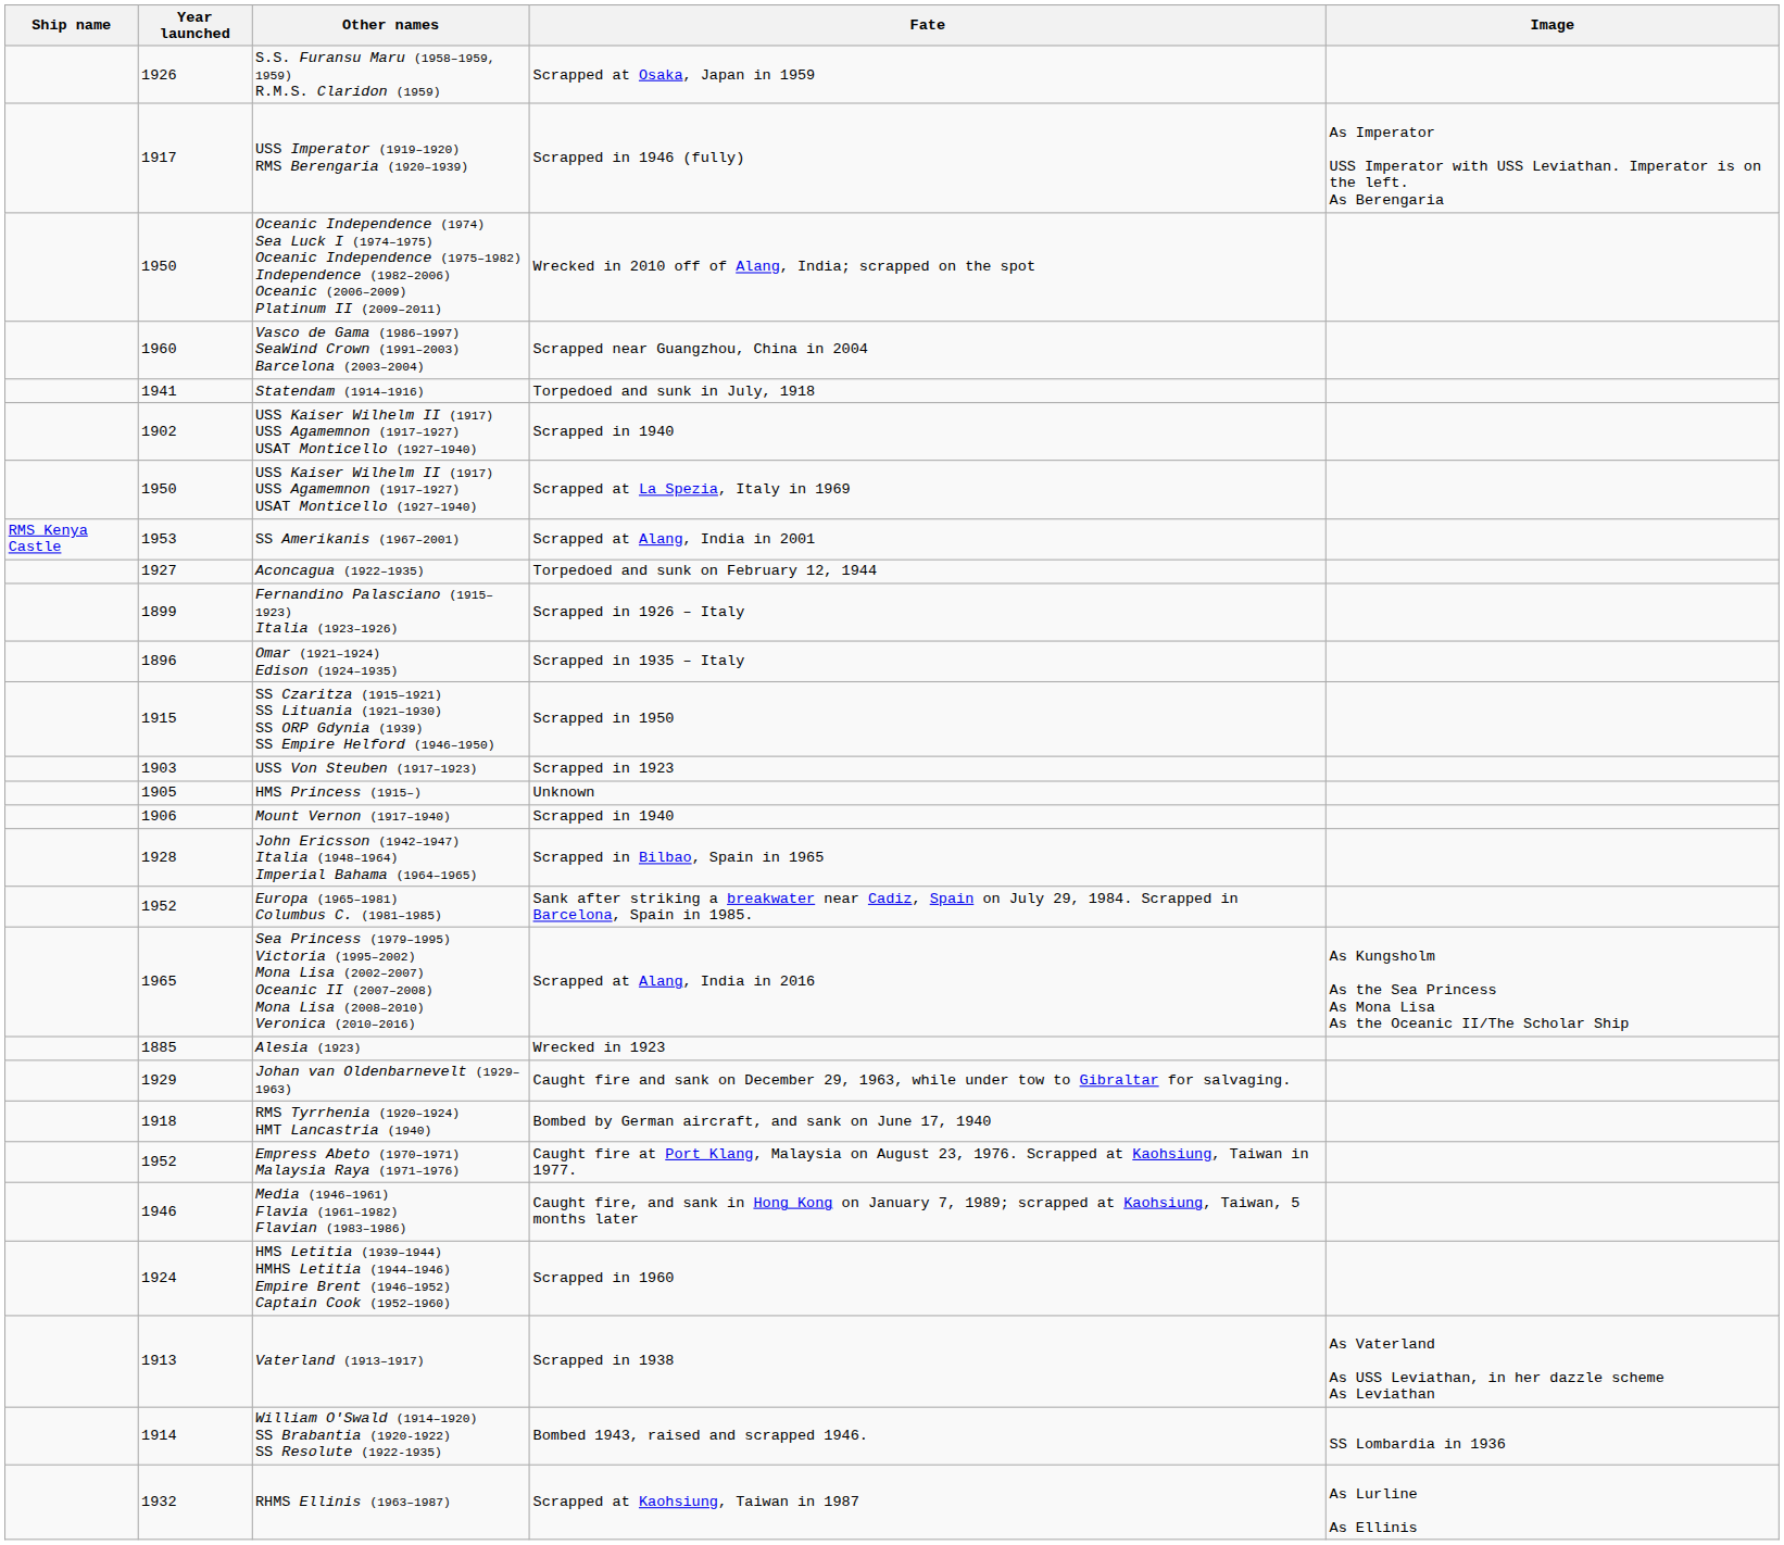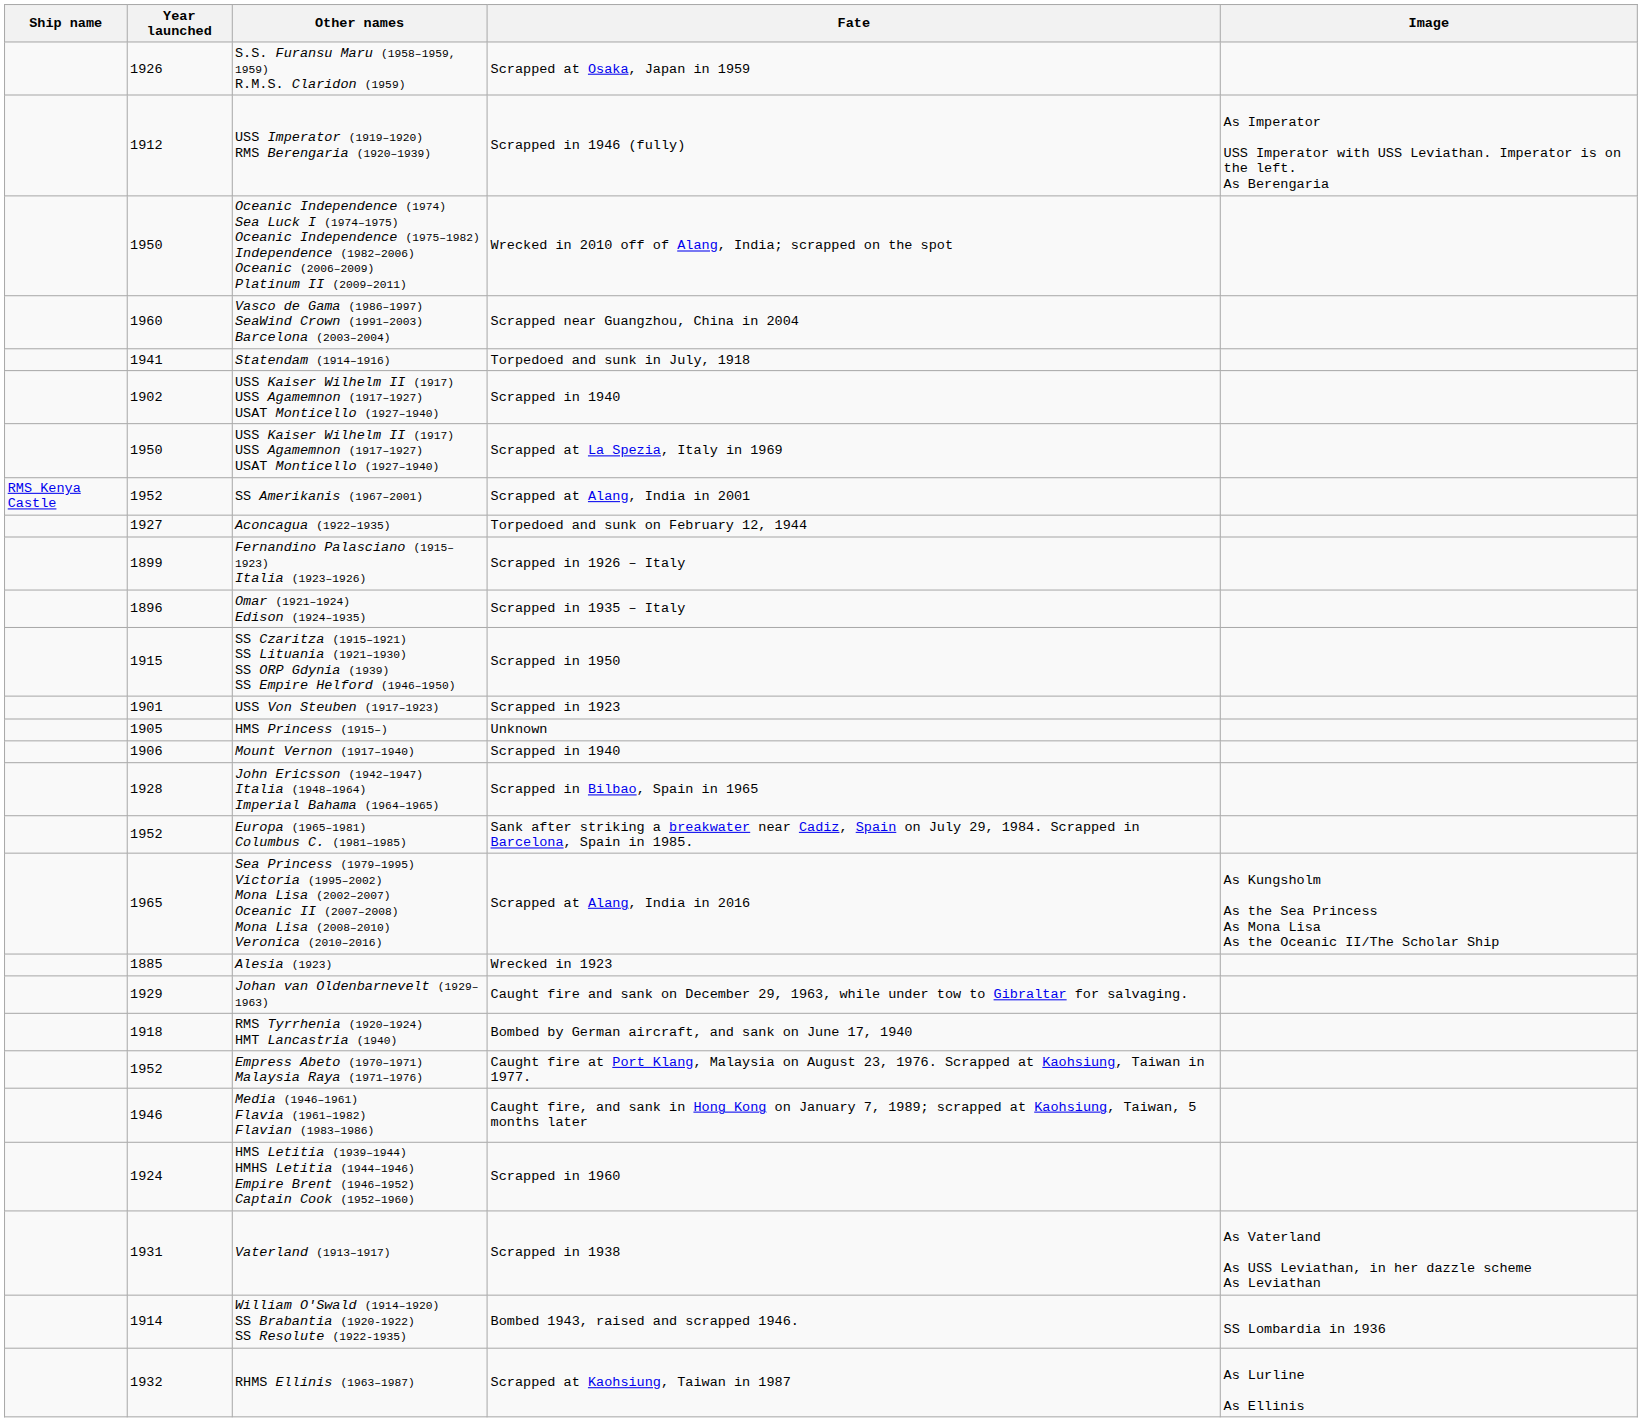 <table class="wikitable sortable">
 <tr>
 <th>Ship name</th>
 <th>Year launched</th>
 <th class="unsortable">Other names</th>
 <th>Fate</th>
 <th>Image</th>
 </tr>
 <tr>
 <td></td>
 <td>1926</td>
 <td>S.S. <em>Furansu Maru</em> <small>(1958–1959, 1959)</small><br>R.M.S. <em>Claridon</em> <small>(1959)</small></td>
 <td>Scrapped at <a href='#'>Osaka</a>, Japan in 1959</td>
 <td></td>
 </tr>
 <tr>
 <td></td>
-<td>1917</td>
+<td>1912</td>
 <td>USS <em>Imperator</em> <small>(1919–1920)</small><br>RMS <em>Berengaria</em> <small>(1920–1939)</small></td>
 <td>Scrapped in 1946 (fully)</td>
 <td><br>As Imperator<br><br>USS Imperator with USS Leviathan. Imperator is on the left. <br>As Berengaria</td>
 </tr>
 <tr>
 <td></td>
 <td>1950</td>
 <td><em>Oceanic Independence</em> <small>(1974)</small><br><em>Sea Luck I</em> <small>(1974–1975)</small><br><em>Oceanic Independence</em> <small>(1975–1982)</small><br><em>Independence</em> <small>(1982–2006)</small><br><em>Oceanic</em> <small>(2006–2009)</small><br><em>Platinum II</em> <small>(2009–2011)</small></td>
 <td>Wrecked in 2010 off of <a href='#'>Alang</a>, India; scrapped on the spot</td>
 <td></td>
 </tr>
 <tr>
 <td></td>
 <td>1960</td>
 <td><em>Vasco de Gama</em> <small>(1986–1997)</small><br><em>SeaWind Crown</em> <small>(1991–2003)</small><br><em>Barcelona</em> <small>(2003–2004)</small></td>
 <td>Scrapped near Guangzhou, China in 2004</td>
 <td></td>
 </tr>
 <tr>
 <td></td>
 <td>1941</td>
 <td><em>Statendam</em> <small>(1914–1916)</small></td>
 <td>Torpedoed and sunk in July, 1918</td>
 <td></td>
 </tr>
 <tr>
 <td></td>
 <td>1902</td>
 <td>USS <em>Kaiser Wilhelm II</em> <small>(1917)</small><br>USS <em>Agamemnon</em> <small>(1917–1927)</small><br>USAT <em>Monticello</em> <small>(1927–1940)</small></td>
 <td>Scrapped in 1940</td>
 <td></td>
 </tr>
 <tr>
 <td></td>
 <td>1950</td>
 <td>USS <em>Kaiser Wilhelm II</em> <small>(1917)</small><br>USS <em>Agamemnon</em> <small>(1917–1927)</small><br>USAT <em>Monticello</em> <small>(1927–1940)</small></td>
 <td>Scrapped at <a href='#'>La Spezia</a>, Italy in 1969</td>
 <td></td>
 </tr>
 <tr>
 <td><a href='#'>RMS Kenya Castle</a></td>
-<td>1953</td>
+<td>1952</td>
 <td>SS <em>Amerikanis</em> <small>(1967–2001)</small></td>
 <td>Scrapped at <a href='#'>Alang</a>, India in 2001</td>
 <td></td>
 </tr>
 <tr>
 <td></td>
 <td>1927</td>
 <td><em>Aconcagua</em> <small>(1922–1935)</small></td>
 <td>Torpedoed and sunk on February 12, 1944</td>
 <td></td>
 </tr>
 <tr>
 <td></td>
 <td>1899</td>
 <td><em>Fernandino Palasciano</em> <small>(1915–1923)</small><br><em>Italia</em> <small>(1923–1926)</small></td>
 <td>Scrapped in 1926 – Italy</td>
 <td></td>
 </tr>
 <tr>
 <td></td>
 <td>1896</td>
 <td><em>Omar</em> <small>(1921–1924)</small><br><em>Edison</em> <small>(1924–1935)</small></td>
 <td>Scrapped in 1935 – Italy</td>
 <td></td>
 </tr>
 <tr>
 <td></td>
 <td>1915</td>
 <td>SS <em>Czaritza</em> <small>(1915–1921)</small><br>SS <em>Lituania</em> <small>(1921–1930)</small><br>SS <em>ORP Gdynia</em> <small>(1939)</small><br>SS <em>Empire Helford</em> <small>(1946–1950)</small></td>
 <td>Scrapped in 1950</td>
 <td></td>
 </tr>
 <tr>
 <td></td>
-<td>1903</td>
+<td>1901</td>
 <td>USS <em>Von Steuben</em> <small>(1917–1923)</small></td>
 <td>Scrapped in 1923</td>
 <td></td>
 </tr>
 <tr>
 <td></td>
 <td>1905</td>
 <td>HMS <em>Princess</em> <small>(1915–)</small></td>
 <td>Unknown</td>
 <td></td>
 </tr>
 <tr>
 <td></td>
 <td>1906</td>
 <td><em>Mount Vernon</em> <small>(1917–1940)</small></td>
 <td>Scrapped in 1940</td>
 <td></td>
 </tr>
 <tr>
 <td></td>
 <td>1928</td>
 <td><em>John Ericsson</em> <small>(1942–1947)</small><br><em>Italia</em> <small>(1948–1964)</small><br><em>Imperial Bahama</em> <small>(1964–1965)</small></td>
 <td>Scrapped in <a href='#'>Bilbao</a>, Spain in 1965</td>
 <td></td>
 </tr>
 <tr>
 <td></td>
 <td>1952</td>
 <td><em>Europa</em> <small>(1965–1981)</small><br><em>Columbus C.</em> <small>(1981–1985)</small></td>
 <td>Sank after striking a <a href='#'>breakwater</a> near <a href='#'>Cadiz</a>, <a href='#'>Spain</a> on July 29, 1984. Scrapped in <a href='#'>Barcelona</a>, Spain in 1985.</td>
 <td></td>
 </tr>
 <tr>
 <td></td>
 <td>1965</td>
 <td><em>Sea Princess</em> <small>(1979–1995)</small><br><em>Victoria</em> <small>(1995–2002)</small><br><em>Mona Lisa</em> <small>(2002–2007)</small><br><em>Oceanic II</em> <small>(2007–2008)</small><br><em>Mona Lisa</em> <small>(2008–2010)</small><br><em>Veronica</em> <small>(2010–2016)</small></td>
 <td>Scrapped at <a href='#'>Alang</a>, India in 2016</td>
 <td><br>As Kungsholm<br><br>As the Sea Princess  <br>As Mona Lisa  <br>As the Oceanic II/The Scholar Ship</td>
 </tr>
 <tr>
 <td></td>
 <td>1885</td>
 <td><em>Alesia</em> <small>(1923)</small></td>
 <td>Wrecked in 1923</td>
 <td></td>
 </tr>
 <tr>
 <td></td>
 <td>1929</td>
 <td><em>Johan van Oldenbarnevelt</em> <small>(1929–1963)</small></td>
 <td>Caught fire and sank on December 29, 1963, while under tow to <a href='#'>Gibraltar</a> for salvaging.</td>
 <td></td>
 </tr>
 <tr>
 <td></td>
 <td>1918</td>
 <td>RMS <em>Tyrrhenia</em> <small>(1920–1924)</small><br>HMT <em>Lancastria</em> <small>(1940)</small></td>
 <td>Bombed by German aircraft, and sank on June 17, 1940</td>
 <td></td>
 </tr>
 <tr>
 <td></td>
 <td>1952</td>
 <td><em>Empress Abeto</em> <small>(1970–1971)</small><br><em>Malaysia Raya</em> <small>(1971–1976)</small></td>
 <td>Caught fire at <a href='#'>Port Klang</a>, Malaysia on August 23, 1976. Scrapped at <a href='#'>Kaohsiung</a>, Taiwan in 1977.</td>
 <td></td>
 </tr>
 <tr>
 <td></td>
 <td>1946</td>
 <td><em>Media</em> <small>(1946–1961)</small><br><em>Flavia</em> <small>(1961–1982)</small><br><em>Flavian</em> <small>(1983–1986)</small></td>
 <td>Caught fire, and sank in <a href='#'>Hong Kong</a> on January 7, 1989; scrapped at <a href='#'>Kaohsiung</a>, Taiwan, 5 months later</td>
 <td></td>
 </tr>
 <tr>
 <td></td>
 <td>1924</td>
 <td>HMS <em>Letitia</em> <small>(1939–1944)</small><br>HMHS <em>Letitia</em> <small>(1944–1946)</small><br><em>Empire Brent</em> <small>(1946–1952)</small><br><em>Captain Cook</em> <small>(1952–1960)</small></td>
 <td>Scrapped in 1960</td>
 <td></td>
 </tr>
 <tr>
 <td></td>
-<td>1913</td>
+<td>1931</td>
 <td><em>Vaterland</em> <small>(1913–1917)</small></td>
 <td>Scrapped in 1938</td>
 <td><br>As Vaterland<br><br>As USS Leviathan, in her dazzle scheme <br>As Leviathan</td>
 </tr>
 <tr>
 <td></td>
 <td>1914</td>
 <td><em>William O'Swald</em> <small>(1914–1920)</small><br>SS <em>Brabantia</em> <small>(1920-1922)</small><br>SS <em>Resolute</em> <small>(1922-1935)</small></td>
 <td>Bombed 1943, raised and scrapped 1946.</td>
 <td> <br>SS Lombardia in 1936</td>
 </tr>
 <tr>
 <td></td>
 <td>1932</td>
 <td>RHMS <em>Ellinis</em> <small>(1963–1987)</small></td>
 <td>Scrapped at <a href='#'>Kaohsiung</a>, Taiwan in 1987</td>
 <td><br>As Lurline<br><br>As Ellinis</td>
 </tr>
 </table>
